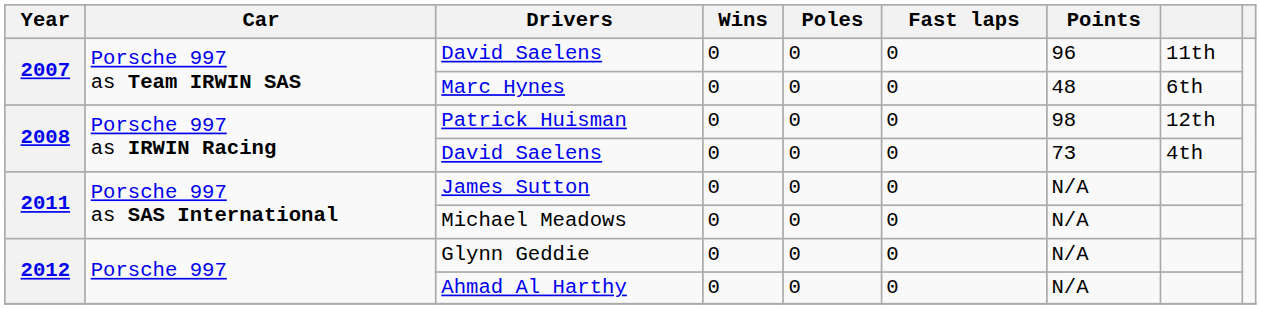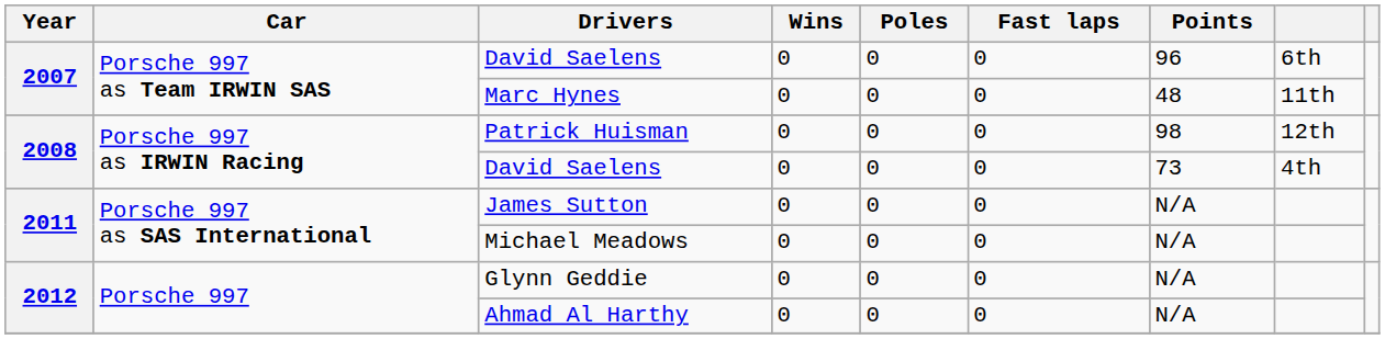 <table class="wikitable" style="font-size:95%; width:750px">
 <tr>
 <th>Year</th>
 <th>Car</th>
 <th>Drivers</th>
 <th>Wins</th>
 <th>Poles</th>
 <th>Fast laps</th>
 <th>Points</th>
 <th></th>
 <th></th>
 </tr>
 <tr>
 <th rowspan=2><strong><a href='#'>2007</a></strong></th>
 <td rowspan=2><a href='#'>Porsche 997</a><br>as <strong>Team IRWIN SAS</strong></td>
 <td> <a href='#'>David Saelens</a></td>
 <td>0</td>
 <td>0</td>
 <td>0</td>
 <td>96</td>
-<td>11th</td>
+<td>6th</td>
 <td rowspan=2></td>
 </tr>
 <tr>
 <td> <a href='#'>Marc Hynes</a></td>
 <td>0</td>
 <td>0</td>
 <td>0</td>
 <td>48</td>
-<td>6th</td>
+<td>11th</td>
 </tr>
 <tr>
 <th rowspan=2><strong><a href='#'>2008</a></strong></th>
 <td rowspan=2><a href='#'>Porsche 997</a><br>as <strong>IRWIN Racing</strong></td>
 <td> <a href='#'>Patrick Huisman</a></td>
 <td>0</td>
 <td>0</td>
 <td>0</td>
 <td>98</td>
 <td>12th</td>
 <td rowspan=2></td>
 </tr>
 <tr>
 <td> <a href='#'>David Saelens</a></td>
 <td>0</td>
 <td>0</td>
 <td>0</td>
 <td>73</td>
 <td>4th</td>
 </tr>
 <tr>
 <th rowspan=2><strong><a href='#'>2011</a></strong></th>
 <td rowspan=2><a href='#'>Porsche 997</a><br>as <strong>SAS International</strong></td>
 <td> <a href='#'>James Sutton</a></td>
 <td>0</td>
 <td>0</td>
 <td>0</td>
 <td>N/A</td>
 <td><em></em></td>
 <td rowspan=2></td>
 </tr>
 <tr>
 <td> Michael Meadows</td>
 <td>0</td>
 <td>0</td>
 <td>0</td>
 <td>N/A</td>
 <td><em></em></td>
 </tr>
 <tr>
 <th rowspan=2><strong><a href='#'>2012</a></strong></th>
 <td rowspan=2><a href='#'>Porsche 997</a></td>
 <td> Glynn Geddie</td>
 <td>0</td>
 <td>0</td>
 <td>0</td>
 <td>N/A</td>
 <td><em></em></td>
 <td rowspan=2></td>
 </tr>
 <tr>
 <td> <a href='#'>Ahmad Al Harthy</a></td>
 <td>0</td>
 <td>0</td>
 <td>0</td>
 <td>N/A</td>
 <td><em></em></td>
 </tr>
 <tr>
 </tr>
 </table>
